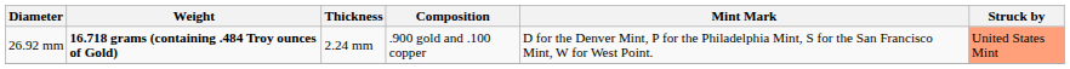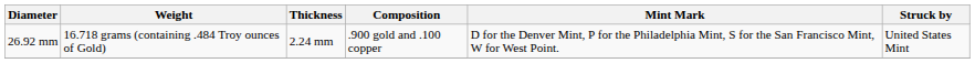 <table class="wikitable">
 <tr>
 <th>Diameter</th>
 <th>Weight</th>
 <th>Thickness</th>
 <th>Composition</th>
 <th>Mint Mark</th>
 <th>Struck by</th>
 </tr>
 <tr>
 <td>26.92 mm</td>
-<td><strong>16.718 grams (containing .484 Troy ounces of Gold)</strong></td>
+<td>16.718 grams (containing .484 Troy ounces of Gold)</td>
 <td>2.24 mm</td>
 <td>.900 gold and .100 copper</td>
 <td>D for the Denver Mint, P for the Philadelphia Mint, S for the San Francisco Mint, W for West Point.</td>
-<td style="background: lightsalmon;">United States Mint</td>
+<td>United States Mint</td>
 </tr>
 <tr>
 </tr>
 </table>
